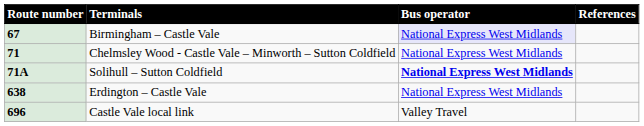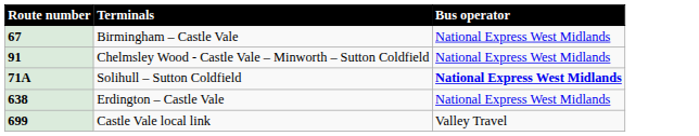 <table class="wikitable" style="float: none; margin-center: 1em; margin-bottom: 0.5em; border: black solid 1px">
 <tr style="color:white; background:black;">
 <td style="border: black solid 1px;"><strong>Route number</strong></td>
 <td style="border: black solid 1px;"><strong>Terminals</strong></td>
 <td style="border: black solid 1px;"><strong>Bus operator</strong></td>
-<td style="border: black solid 1px;"><strong>References</strong></td>
 </tr>
 <tr>
 <td style="background:#DBEBDC;"><strong>67</strong></td>
 <td>Birmingham – Castle Vale</td>
-<td style="background: lavender;"><a href='#'>National Express West Midlands</a></td>
-<td></td>
+<td><a href='#'>National Express West Midlands</a></td>
 </tr>
 <tr>
-<td style="background:#DBEBDC;"><strong>71</strong></td>
+<td style="background:#DBEBDC;"><strong>91</strong></td>
 <td>Chelmsley Wood - Castle Vale – Minworth – Sutton Coldfield</td>
 <td><a href='#'>National Express West Midlands</a></td>
-<td></td>
 </tr>
 <tr>
 <td style="background:#DBEBDC;"><strong>71A</strong></td>
 <td>Solihull – Sutton Coldfield</td>
 <td><strong><a href='#'>National Express West Midlands</a></strong></td>
-<td></td>
 </tr>
 <tr>
 <td style="background:#DBEBDC;"><strong>638</strong></td>
 <td>Erdington – Castle Vale</td>
 <td><a href='#'>National Express West Midlands</a></td>
-<td></td>
 </tr>
 <tr>
-<td style="background:#DBEBDC;"><strong>696</strong></td>
+<td style="background:#DBEBDC;"><strong>699</strong></td>
 <td>Castle Vale local link</td>
 <td>Valley Travel</td>
-<td></td>
 </tr>
 </table>
